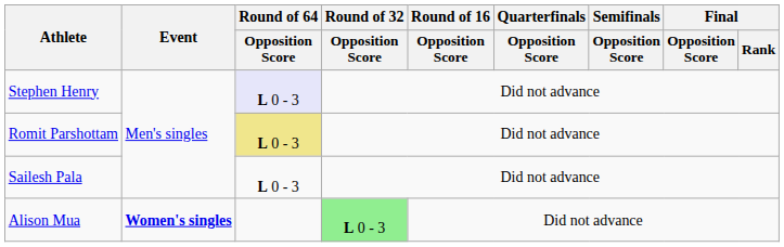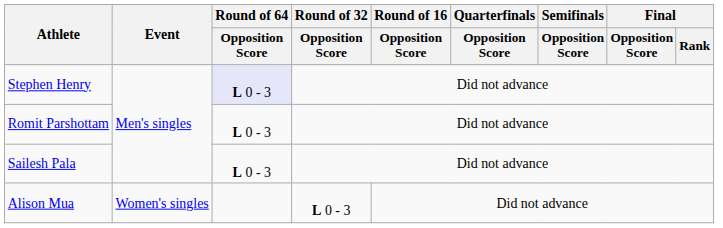 <table class=wikitable style="font-size:90%">
 <tr>
 <th rowspan=2>Athlete</th>
 <th rowspan=2>Event</th>
 <th>Round of 64</th>
 <th>Round of 32</th>
 <th>Round of 16</th>
 <th>Quarterfinals</th>
 <th>Semifinals</th>
 <th colspan=2>Final</th>
 </tr>
 <tr style="font-size:95%">
 <th>Opposition<br>Score</th>
 <th>Opposition<br>Score</th>
 <th>Opposition<br>Score</th>
 <th>Opposition<br>Score</th>
 <th>Opposition<br>Score</th>
 <th>Opposition<br>Score</th>
 <th>Rank</th>
 </tr>
 <tr align=center>
 <td align=left><a href='#'>Stephen Henry</a></td>
 <td align=left rowspan=3><a href='#'>Men's singles</a></td>
 <td style="background: lavender;"><br><strong>L</strong> 0 - 3</td>
 <td colspan=6>Did not advance</td>
 </tr>
 <tr align=center>
 <td align=left><a href='#'>Romit Parshottam</a></td>
-<td style="background: khaki;"><br><strong>L</strong> 0 - 3</td>
+<td><br><strong>L</strong> 0 - 3</td>
 <td colspan=6>Did not advance</td>
 </tr>
 <tr align=center>
 <td align=left><a href='#'>Sailesh Pala</a></td>
 <td><br><strong>L</strong> 0 - 3</td>
 <td colspan=6>Did not advance</td>
 </tr>
 <tr align=center>
 <td align=left><a href='#'>Alison Mua</a></td>
-<td align=left><strong><a href='#'>Women's singles</a></strong></td>
+<td align=left><a href='#'>Women's singles</a></td>
 <td></td>
-<td style="background: lightgreen;"><br><strong>L</strong> 0 - 3</td>
+<td><br><strong>L</strong> 0 - 3</td>
 <td colspan=5>Did not advance</td>
 </tr>
 </table>
